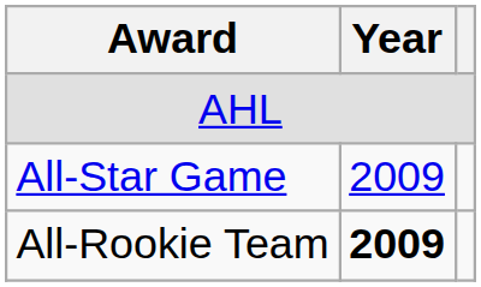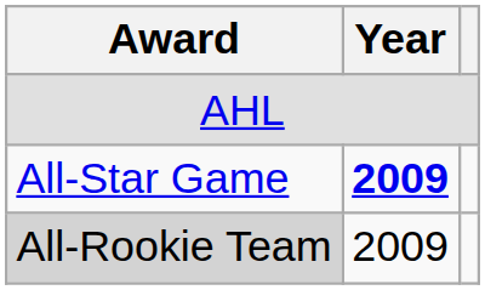 <table class="wikitable">
 <tr>
 <th>Award</th>
 <th>Year</th>
 <th></th>
 </tr>
 <tr ALIGN="center" bgcolor="#e0e0e0">
 <td colspan="3"><a href='#'>AHL</a></td>
 </tr>
 <tr>
 <td><a href='#'>All-Star Game</a></td>
-<td><a href='#'>2009</a></td>
+<td><strong><a href='#'>2009</a></strong></td>
 <td></td>
 </tr>
 <tr>
-<td>All-Rookie Team</td>
-<td><strong>2009</strong></td>
+<td style="background: lightgrey;">All-Rookie Team</td>
+<td>2009</td>
 <td></td>
 </tr>
 </table>
